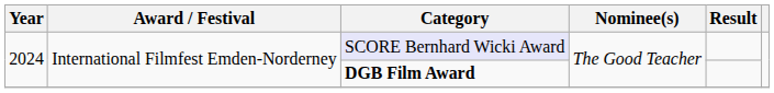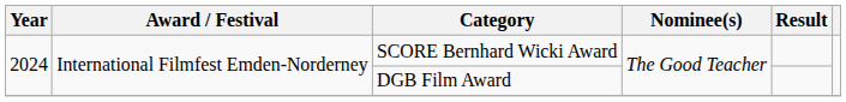 <table class="wikitable sortable plainrowheaders">
 <tr>
 <th>Year</th>
 <th>Award / Festival</th>
 <th>Category</th>
 <th>Nominee(s)</th>
 <th>Result</th>
 <th scope="col" class="unsortable"></th>
 </tr>
 <tr>
 <td align="center" rowspan="2">2024</td>
 <td rowspan="2">International Filmfest Emden-Norderney</td>
-<td style="background: lavender;">SCORE Bernhard Wicki Award</td>
+<td>SCORE Bernhard Wicki Award</td>
 <td rowspan="2"><em>The Good Teacher</em></td>
 <td></td>
 <td rowspan="2"></td>
 </tr>
 <tr>
-<td><strong>DGB Film Award</strong></td>
+<td>DGB Film Award</td>
 <td></td>
 </tr>
 <tr>
 </tr>
 </table>
